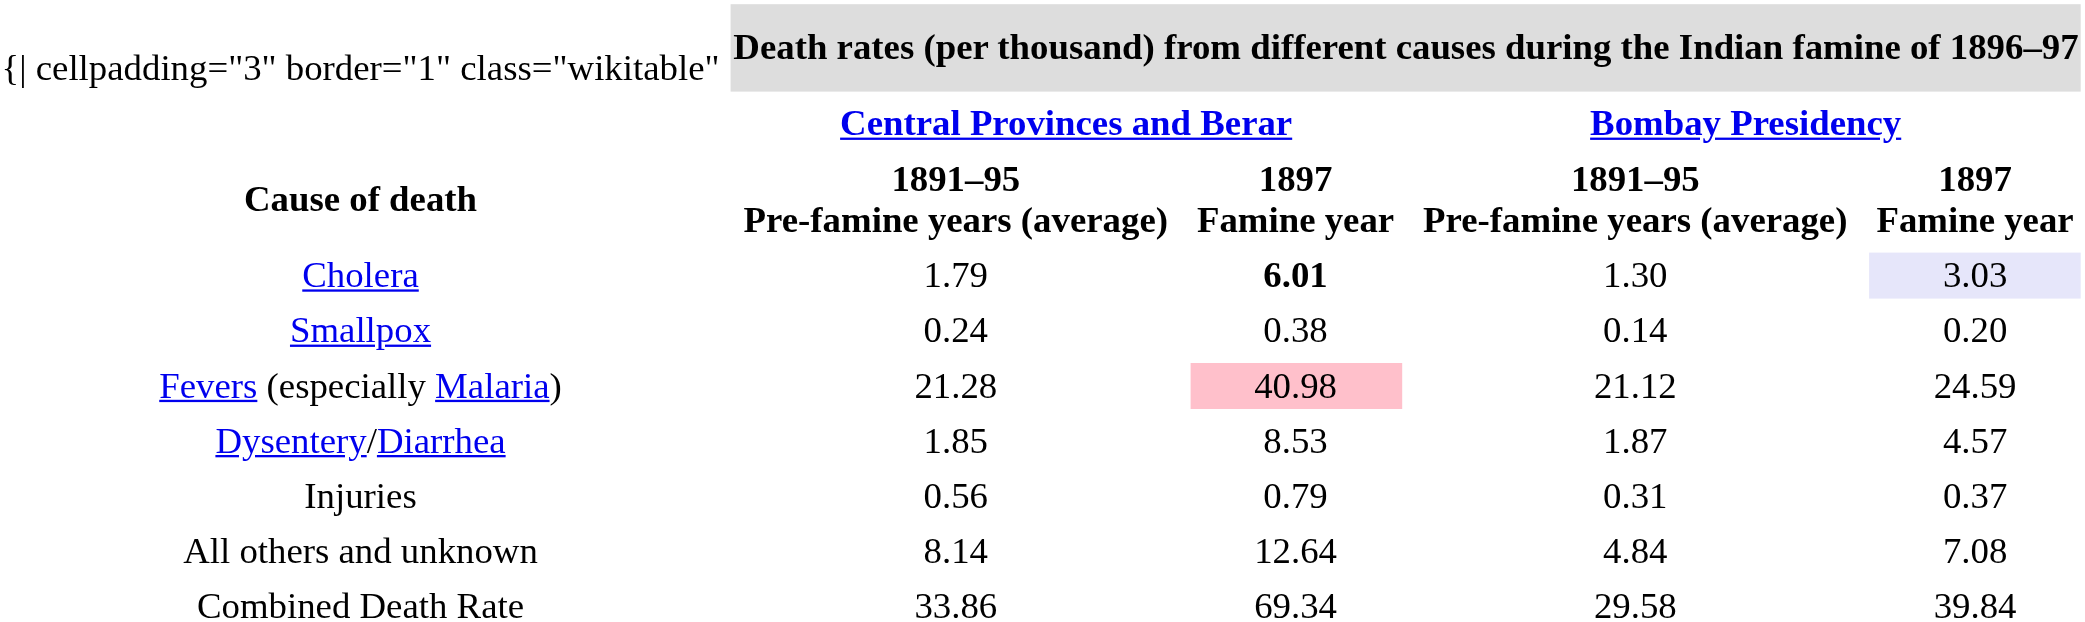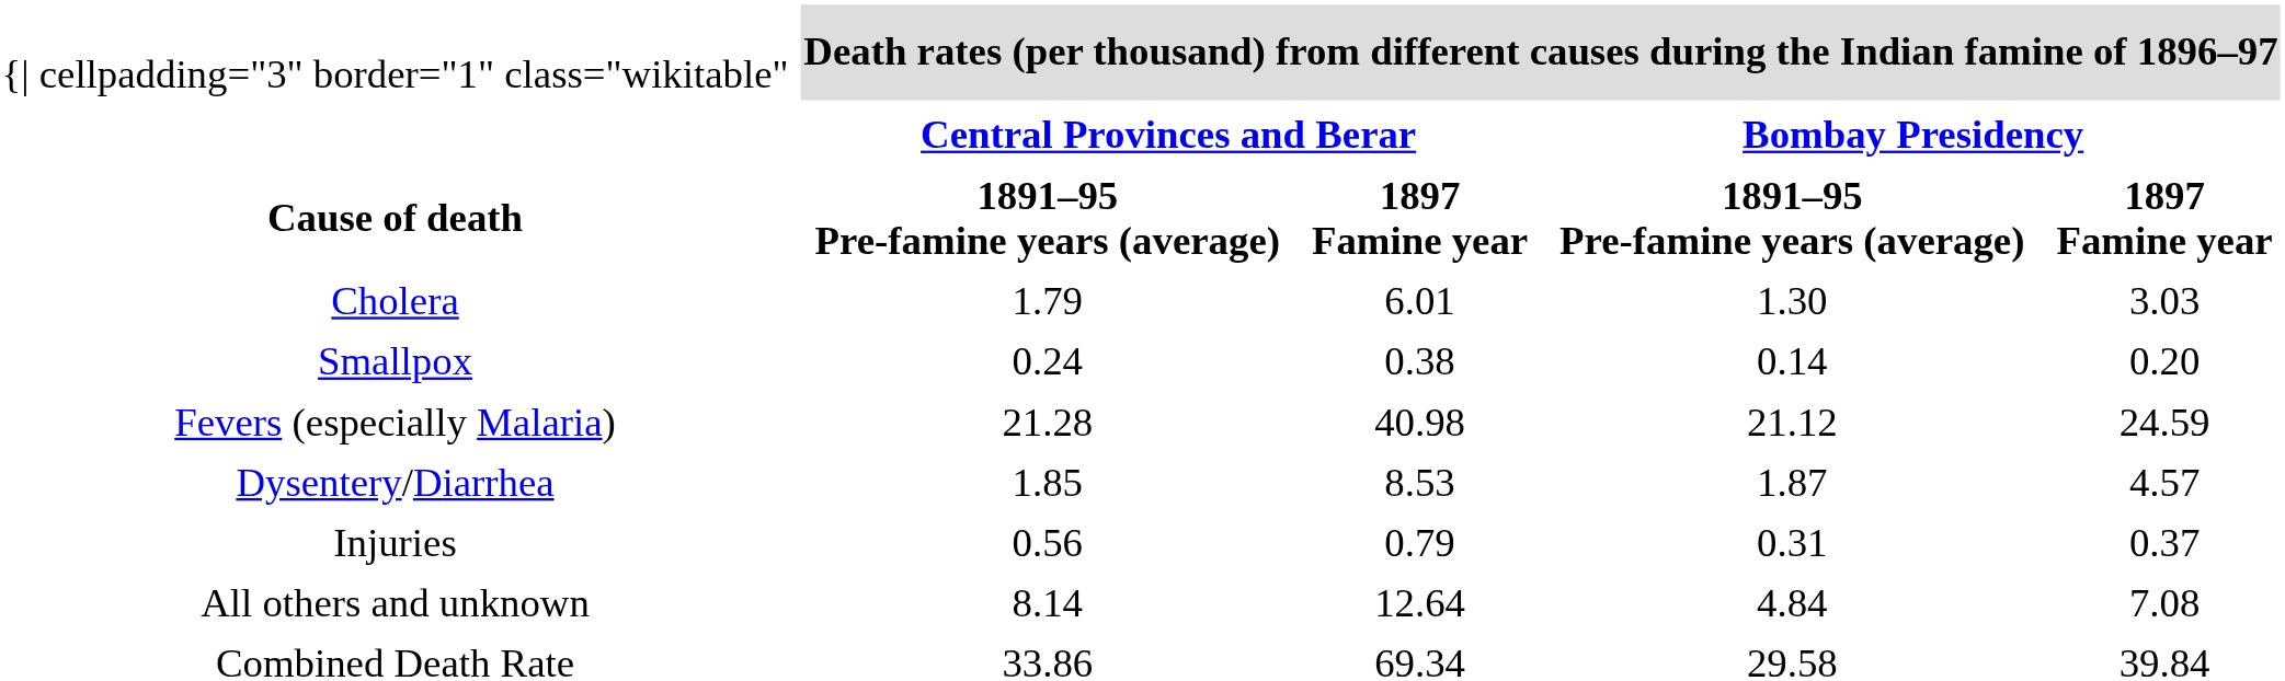 <table cellspacing="4">
 <tr>
 <td valign="top"><br>	{| cellpadding="3" border="1"  class="wikitable"</td>
 <th bgcolor="#DDDDDD" colspan="5">Death rates (per thousand) from different causes during the Indian famine of 1896–97</th>
 </tr>
 <tr>
 <th></th>
 <th colspan="2"><a href='#'>Central Provinces and Berar</a></th>
 <th colspan="2"><a href='#'>Bombay Presidency</a></th>
 </tr>
 <tr>
 <th>Cause of death</th>
 <th>1891–95 <br> Pre-famine years (average)</th>
 <th>1897 <br> Famine year</th>
 <th>1891–95 <br> Pre-famine years (average)</th>
 <th>1897 <br> Famine year</th>
 </tr>
 <tr>
 <td align="center"><a href='#'>Cholera</a></td>
 <td align="center">1.79</td>
-<td align="center"><strong>6.01</strong></td>
+<td align="center">6.01</td>
 <td align="center">1.30</td>
-<td align="center" style="background: lavender;">3.03</td>
+<td align="center">3.03</td>
 </tr>
 <tr>
 <td align="center"><a href='#'>Smallpox</a></td>
 <td align="center">0.24</td>
 <td align="center">0.38</td>
 <td align="center">0.14</td>
 <td align="center">0.20</td>
 </tr>
 <tr>
 <td align="center"><a href='#'>Fevers</a> (especially <a href='#'>Malaria</a>)</td>
 <td align="center">21.28</td>
-<td align="center" style="background: pink;">40.98</td>
+<td align="center">40.98</td>
 <td align="center">21.12</td>
 <td align="center">24.59</td>
 </tr>
 <tr>
 <td align="center"><a href='#'>Dysentery</a>/<a href='#'>Diarrhea</a></td>
 <td align="center">1.85</td>
 <td align="center">8.53</td>
 <td align="center">1.87</td>
 <td align="center">4.57</td>
 </tr>
 <tr>
 <td align="center">Injuries</td>
 <td align="center">0.56</td>
 <td align="center">0.79</td>
 <td align="center">0.31</td>
 <td align="center">0.37</td>
 </tr>
 <tr>
 <td align="center">All others and unknown</td>
 <td align="center">8.14</td>
 <td align="center">12.64</td>
 <td align="center">4.84</td>
 <td align="center">7.08</td>
 </tr>
 <tr>
 <td align="center">Combined Death Rate</td>
 <td align="center">33.86</td>
 <td align="center">69.34</td>
 <td align="center">29.58</td>
 <td align="center">39.84</td>
 </tr>
 </table>
